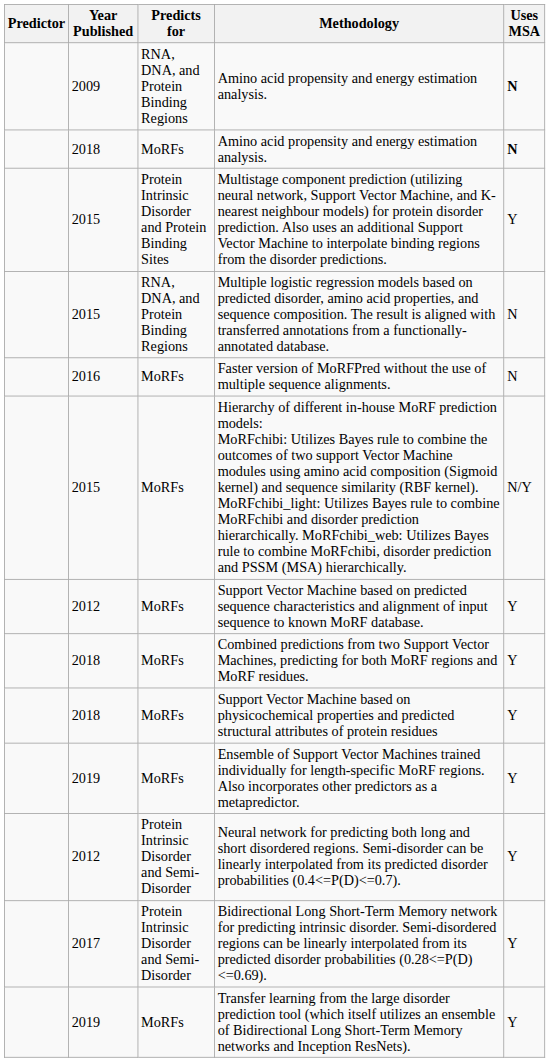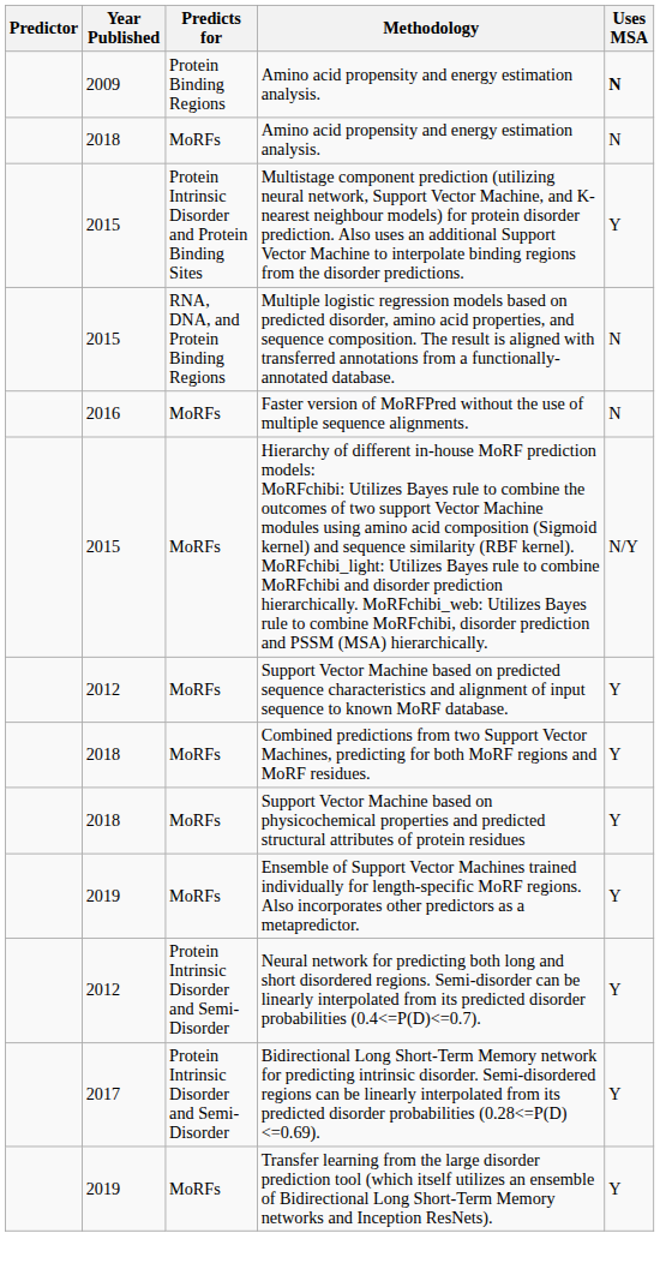 <table class="wikitable">
 <tr>
 <th>Predictor</th>
 <th>Year Published</th>
 <th>Predicts for</th>
 <th>Methodology</th>
 <th>Uses MSA</th>
 </tr>
 <tr>
 <td> </td>
 <td>2009</td>
-<td>RNA, DNA, and Protein Binding Regions</td>
+<td>Protein Binding Regions</td>
 <td>Amino acid propensity and energy estimation analysis.</td>
 <td><strong>N</strong></td>
 </tr>
 <tr>
 <td> </td>
 <td>2018</td>
 <td>MoRFs</td>
 <td>Amino acid propensity and energy estimation analysis.</td>
-<td><strong>N</strong></td>
+<td>N</td>
 </tr>
 <tr>
 <td></td>
 <td>2015</td>
 <td>Protein Intrinsic Disorder and Protein Binding Sites</td>
 <td>Multistage component prediction (utilizing neural network, Support Vector Machine, and K-nearest neighbour models) for protein disorder prediction. Also uses an additional Support Vector Machine to interpolate binding regions from the disorder predictions.</td>
 <td>Y</td>
 </tr>
 <tr>
 <td></td>
 <td>2015</td>
 <td>RNA, DNA, and Protein Binding Regions</td>
 <td>Multiple logistic regression models based on predicted disorder, amino acid properties, and sequence composition. The result is aligned with transferred annotations from a functionally-annotated database.</td>
 <td>N</td>
 </tr>
 <tr>
 <td></td>
 <td>2016</td>
 <td>MoRFs</td>
 <td>Faster version of MoRFPred without the use of multiple sequence alignments.</td>
 <td>N</td>
 </tr>
 <tr>
 <td></td>
 <td>2015</td>
 <td>MoRFs</td>
 <td>Hierarchy of different in-house MoRF prediction models:<br>MoRFchibi: Utilizes Bayes rule to combine the outcomes of two support Vector Machine modules using amino acid composition (Sigmoid kernel) and sequence similarity (RBF kernel). MoRFchibi_light: Utilizes Bayes rule to combine MoRFchibi and disorder prediction hierarchically. MoRFchibi_web: Utilizes Bayes rule to combine MoRFchibi, disorder prediction and PSSM (MSA) hierarchically.</td>
 <td>N/Y</td>
 </tr>
 <tr>
 <td></td>
 <td>2012</td>
 <td>MoRFs</td>
 <td>Support Vector Machine  based on predicted sequence characteristics and alignment of input sequence to known MoRF database.</td>
 <td>Y</td>
 </tr>
 <tr>
 <td></td>
 <td>2018</td>
 <td>MoRFs</td>
 <td>Combined predictions from two Support Vector Machines, predicting for both MoRF regions and MoRF residues.</td>
 <td>Y</td>
 </tr>
 <tr>
 <td></td>
 <td>2018</td>
 <td>MoRFs</td>
 <td>Support Vector Machine based on physicochemical properties and predicted structural attributes of protein residues</td>
 <td>Y</td>
 </tr>
 <tr>
 <td></td>
 <td>2019</td>
 <td>MoRFs</td>
 <td>Ensemble of Support Vector Machines trained individually for length-specific MoRF regions. Also incorporates other predictors as a metapredictor.</td>
 <td>Y</td>
 </tr>
 <tr>
 <td></td>
 <td>2012</td>
 <td>Protein Intrinsic Disorder and Semi-Disorder</td>
 <td>Neural network for predicting both long and short disordered regions. Semi-disorder can be linearly interpolated from its predicted disorder probabilities (0.4<=P(D)<=0.7).</td>
 <td>Y</td>
 </tr>
 <tr>
 <td></td>
 <td>2017</td>
 <td>Protein Intrinsic Disorder and Semi-Disorder</td>
 <td>Bidirectional Long Short-Term Memory network for predicting intrinsic disorder. Semi-disordered regions can be linearly interpolated from its predicted disorder probabilities (0.28<=P(D)<=0.69).</td>
 <td>Y</td>
 </tr>
 <tr>
 <td></td>
 <td>2019</td>
 <td>MoRFs</td>
 <td>Transfer learning from the large disorder prediction tool  (which itself utilizes an ensemble of Bidirectional Long Short-Term Memory networks and Inception ResNets).</td>
 <td>Y</td>
 </tr>
 </table>
